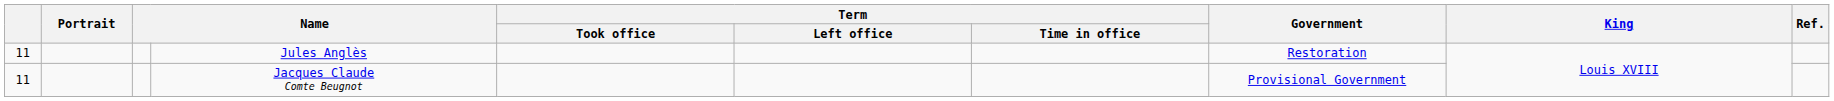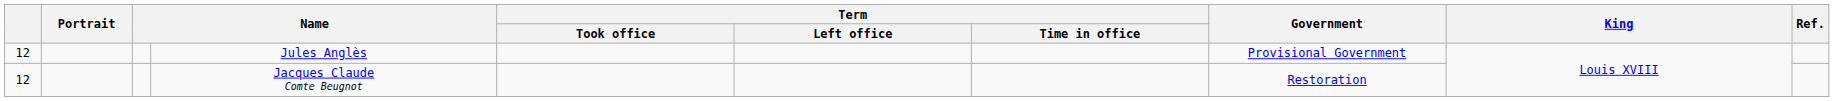 <table class="wikitable" style="text-align:center; width:100%">
 <tr>
 <th style="width:2%" rowspan=2></th>
 <th style="width:5%" rowspan=2>Portrait</th>
 <th style="width:20%" rowspan=2, colspan=2>Name</th>
 <th colspan=3>Term</th>
 <th style="width:13%" rowspan=2>Government</th>
 <th rowspan=2><a href='#'>King</a></th>
 <th style="width:2%" rowspan=2>Ref.</th>
 </tr>
 <tr>
 <th style="width:13%">Took office</th>
 <th style="width:13%">Left office</th>
 <th style="width:13%">Time in office</th>
 </tr>
 <tr>
-<td>11</td>
+<td>12</td>
 <td></td>
 <td style="background:"></td>
 <td><a href='#'>Jules Anglès</a></td>
 <td></td>
 <td></td>
 <td></td>
-<td><a href='#'>Restoration</a></td>
+<td><a href='#'>Provisional Government</a></td>
 <td rowspan=2><a href='#'>Louis XVIII</a></td>
 <td></td>
 </tr>
 <tr>
-<td>11</td>
+<td>12</td>
 <td></td>
 <td style="background:"></td>
 <td><a href='#'>Jacques Claude</a><br><small><em>Comte Beugnot</em></small></td>
 <td></td>
 <td></td>
 <td></td>
-<td><a href='#'>Provisional Government</a></td>
+<td><a href='#'>Restoration</a></td>
 <td></td>
 </tr>
 </table>
